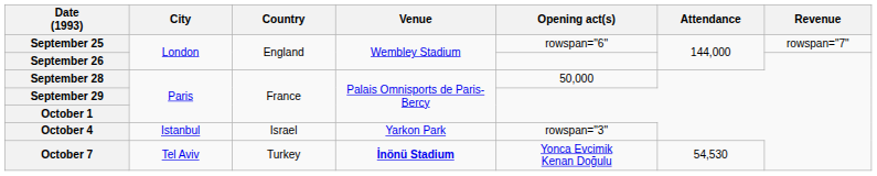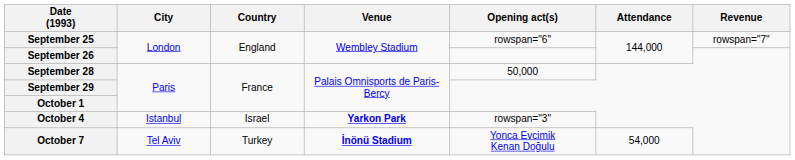 <table class="wikitable plainrowheaders" style="text-align:center;">
 <tr>
 <th scope="col" style="width:12em;">Date<br>(1993)</th>
 <th scope="col" style="width:10em;">City</th>
 <th scope="col" style="width:10em;">Country</th>
 <th scope="col" style="width:16em;">Venue</th>
 <th scope="col" style="width:16em;">Opening act(s)</th>
 <th scope="col" style="width:10em;">Attendance</th>
 <th scope="col" style="width:10em;">Revenue</th>
 </tr>
 <tr>
 <th scope="row" style="text-align:center;">September 25</th>
 <td rowspan="2"><a href='#'>London</a></td>
 <td rowspan="2">England</td>
 <td rowspan="2"><a href='#'>Wembley Stadium</a></td>
 <td>rowspan="6" </td>
 <td rowspan="2">144,000</td>
 <td>rowspan="7" </td>
 </tr>
 <tr>
 <th scope="row" style="text-align:center;">September 26</th>
 </tr>
 <tr>
 <th scope="row" style="text-align:center;">September 28</th>
 <td rowspan="3"><a href='#'>Paris</a></td>
 <td rowspan="3">France</td>
 <td rowspan="3"><a href='#'>Palais Omnisports de Paris-Bercy</a></td>
 <td>50,000</td>
 </tr>
 <tr>
 <th scope="row" style="text-align:center;">September 29</th>
 </tr>
 <tr>
 <th scope="row" style="text-align:center;">October 1</th>
 </tr>
 <tr>
 <th scope="row" style="text-align:center;">October 4</th>
 <td><a href='#'>Istanbul</a></td>
 <td>Israel</td>
-<td><a href='#'>Yarkon Park</a></td>
+<td><strong><a href='#'>Yarkon Park</a></strong></td>
 <td>rowspan="3" </td>
 </tr>
 <tr>
 <th scope="row" style="text-align:center;">October 7</th>
 <td><a href='#'>Tel Aviv</a></td>
 <td>Turkey</td>
 <td><strong><a href='#'>İnönü Stadium</a></strong></td>
 <td><a href='#'>Yonca Evcimik</a><br><a href='#'>Kenan Doğulu</a></td>
-<td>54,530</td>
+<td>54,000</td>
 </tr>
 </table>
